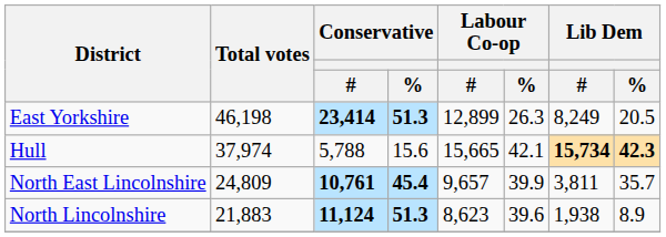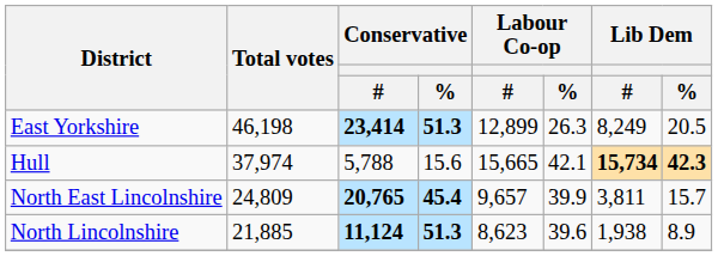 <table class="wikitable sortable">
 <tr>
 <th rowspan=3>District</th>
 <th rowspan=3>Total votes</th>
 <th colspan="2">Conservative</th>
 <th colspan="2">Labour<br>Co-op</th>
 <th colspan="2">Lib Dem</th>
 </tr>
 <tr>
 <th colspan="2" style="background:"></th>
 <th colspan="2" style="background:"></th>
 <th colspan="2" style="background:"></th>
 </tr>
 <tr>
 <th>#</th>
 <th>%</th>
 <th>#</th>
 <th>%</th>
 <th>#</th>
 <th>%</th>
 </tr>
 <tr>
 <td><a href='#'>East Yorkshire</a></td>
 <td>46,198</td>
 <td style="background:#B9E4FF;"><strong>23,414</strong></td>
 <td style="background:#B9E4FF;"><strong>51.3</strong></td>
 <td>12,899</td>
 <td>26.3</td>
 <td>8,249</td>
 <td>20.5</td>
 </tr>
 <tr>
 <td><a href='#'>Hull</a></td>
 <td>37,974</td>
 <td>5,788</td>
 <td>15.6</td>
 <td>15,665</td>
 <td>42.1</td>
 <td style="background:#FEE1A8;"><strong>15,734</strong></td>
 <td style="background:#FEE1A8;"><strong>42.3</strong></td>
 </tr>
 <tr>
 <td><a href='#'>North East Lincolnshire</a></td>
 <td>24,809</td>
-<td style="background:#B9E4FF;"><strong>10,761</strong></td>
+<td style="background:#B9E4FF;"><strong>20,765</strong></td>
 <td style="background:#B9E4FF;"><strong>45.4</strong></td>
 <td>9,657</td>
 <td>39.9</td>
 <td>3,811</td>
-<td>35.7</td>
+<td>15.7</td>
 </tr>
 <tr>
 <td><a href='#'>North Lincolnshire</a></td>
-<td>21,883</td>
+<td>21,885</td>
 <td style="background:#B9E4FF;"><strong>11,124</strong></td>
 <td style="background:#B9E4FF;"><strong>51.3</strong></td>
 <td>8,623</td>
 <td>39.6</td>
 <td>1,938</td>
 <td>8.9</td>
 </tr>
 <tr>
 </tr>
 </table>
